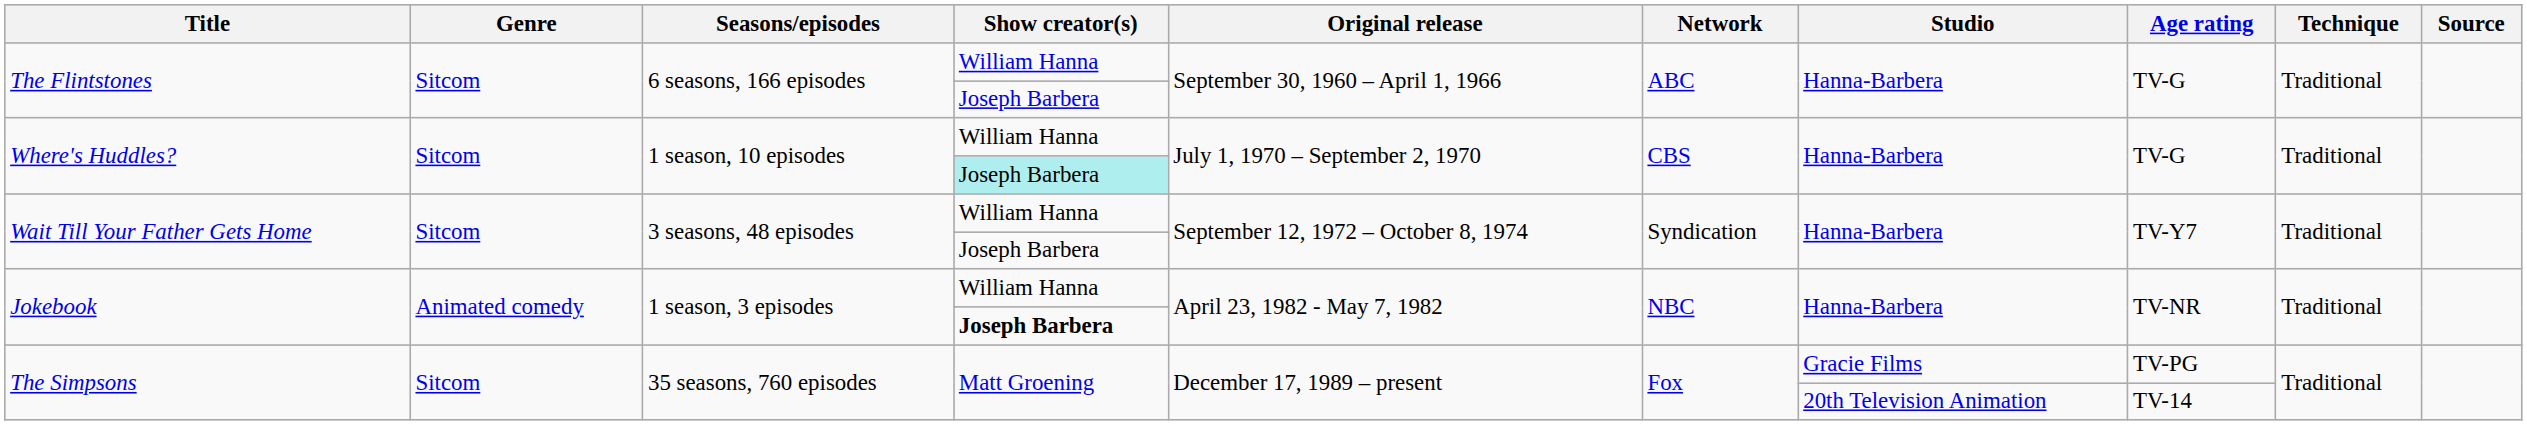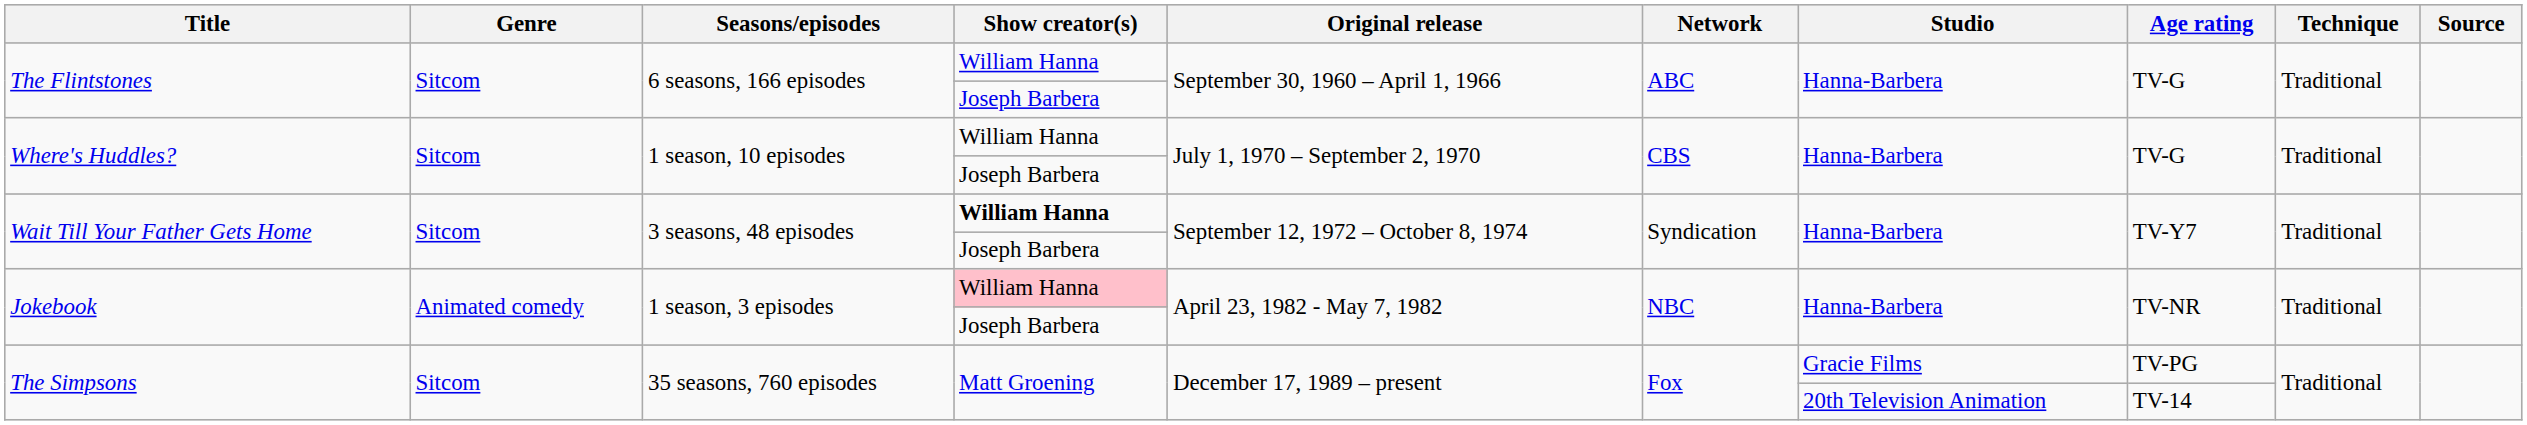 <table class="wikitable sortable" style="text-align: left; font-size:90%; width:100%;">
 <tr>
 <th scope="col">Title</th>
 <th scope="col">Genre</th>
 <th scope="col">Seasons/episodes</th>
 <th scope="col">Show creator(s)</th>
 <th scope="col">Original release</th>
 <th scope="col">Network</th>
 <th scope="col">Studio</th>
 <th scope="col"><a href='#'>Age rating</a></th>
 <th scope="col">Technique</th>
 <th scope= "col">Source</th>
 </tr>
 <tr>
 <td rowspan="2"><em><a href='#'>The Flintstones</a></em></td>
 <td rowspan="2"><a href='#'>Sitcom</a></td>
 <td rowspan="2">6 seasons, 166 episodes</td>
 <td><a href='#'>William Hanna</a></td>
 <td rowspan="2">September 30, 1960 – April 1, 1966</td>
 <td rowspan="2"><a href='#'>ABC</a></td>
 <td rowspan="2"><a href='#'>Hanna-Barbera</a></td>
 <td rowspan="2">TV-G</td>
 <td rowspan="2">Traditional</td>
 <td rowspan="2"></td>
 </tr>
 <tr>
 <td><a href='#'>Joseph Barbera</a></td>
 </tr>
 <tr>
 <td rowspan="2"><em><a href='#'>Where's Huddles?</a></em></td>
 <td rowspan="2"><a href='#'>Sitcom</a></td>
 <td rowspan="2">1 season, 10 episodes</td>
 <td>William Hanna</td>
 <td rowspan="2">July 1, 1970 – September 2, 1970</td>
 <td rowspan="2"><a href='#'>CBS</a></td>
 <td rowspan="2"><a href='#'>Hanna-Barbera</a></td>
 <td rowspan="2">TV-G</td>
 <td rowspan="2">Traditional</td>
 <td rowspan="2"></td>
 </tr>
 <tr>
-<td style="background: paleturquoise;">Joseph Barbera</td>
+<td>Joseph Barbera</td>
 </tr>
 <tr>
 <td rowspan="2"><em><a href='#'>Wait Till Your Father Gets Home</a></em></td>
 <td rowspan="2"><a href='#'>Sitcom</a></td>
 <td rowspan="2">3 seasons, 48 episodes</td>
-<td>William Hanna</td>
+<td><strong>William Hanna</strong></td>
 <td rowspan="2">September 12, 1972 – October 8, 1974</td>
 <td rowspan="2">Syndication</td>
 <td rowspan="2"><a href='#'>Hanna-Barbera</a></td>
 <td rowspan="2">TV-Y7</td>
 <td rowspan="2">Traditional</td>
 <td rowspan="2"></td>
 </tr>
 <tr>
 <td>Joseph Barbera</td>
 </tr>
 <tr>
 <td rowspan="2"><em><a href='#'>Jokebook</a></em></td>
 <td rowspan="2"><a href='#'>Animated comedy</a></td>
 <td rowspan="2">1 season, 3 episodes</td>
-<td>William Hanna</td>
+<td style="background: pink;">William Hanna</td>
 <td rowspan="2">April 23, 1982 - May 7, 1982</td>
 <td rowspan="2"><a href='#'>NBC</a></td>
 <td rowspan="2"><a href='#'>Hanna-Barbera</a></td>
 <td rowspan="2">TV-NR</td>
 <td rowspan="2">Traditional</td>
 <td rowspan="2"></td>
 </tr>
 <tr>
-<td><strong>Joseph Barbera</strong></td>
+<td>Joseph Barbera</td>
 </tr>
 <tr>
 <td rowspan="2"><em><a href='#'>The Simpsons</a></em></td>
 <td rowspan="2"><a href='#'>Sitcom</a></td>
 <td rowspan="2">35 seasons, 760 episodes</td>
 <td rowspan="2"><a href='#'>Matt Groening</a></td>
 <td rowspan="2">December 17, 1989 – present</td>
 <td rowspan="2"><a href='#'>Fox</a></td>
 <td><a href='#'>Gracie Films</a></td>
 <td>TV-PG</td>
 <td rowspan="2">Traditional</td>
 <td rowspan="2"></td>
 </tr>
 <tr>
 <td><a href='#'>20th Television Animation</a></td>
 <td>TV-14</td>
 </tr>
 </table>
